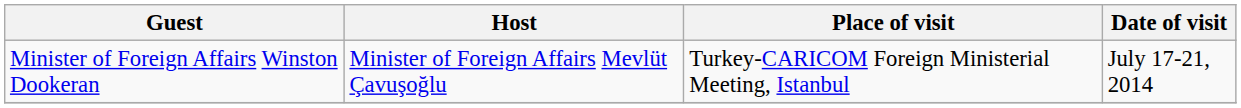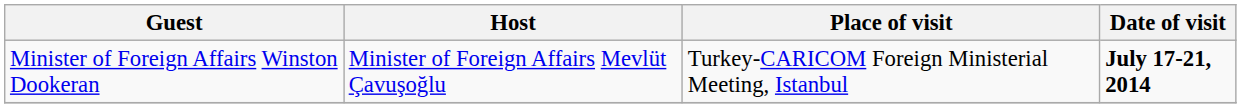 <table class="wikitable" border="1">
 <tr>
 <th>Guest</th>
 <th>Host</th>
 <th>Place of visit</th>
 <th>Date of visit</th>
 </tr>
 <tr>
 <td> <a href='#'>Minister of Foreign Affairs</a> <a href='#'>Winston Dookeran</a></td>
 <td> <a href='#'>Minister of Foreign Affairs</a> <a href='#'>Mevlüt Çavuşoğlu</a></td>
 <td>Turkey-<a href='#'>CARICOM</a> Foreign Ministerial Meeting, <a href='#'>Istanbul</a></td>
-<td>July 17-21, 2014</td>
+<td><strong>July 17-21, 2014</strong></td>
 </tr>
 <tr>
 </tr>
 </table>
